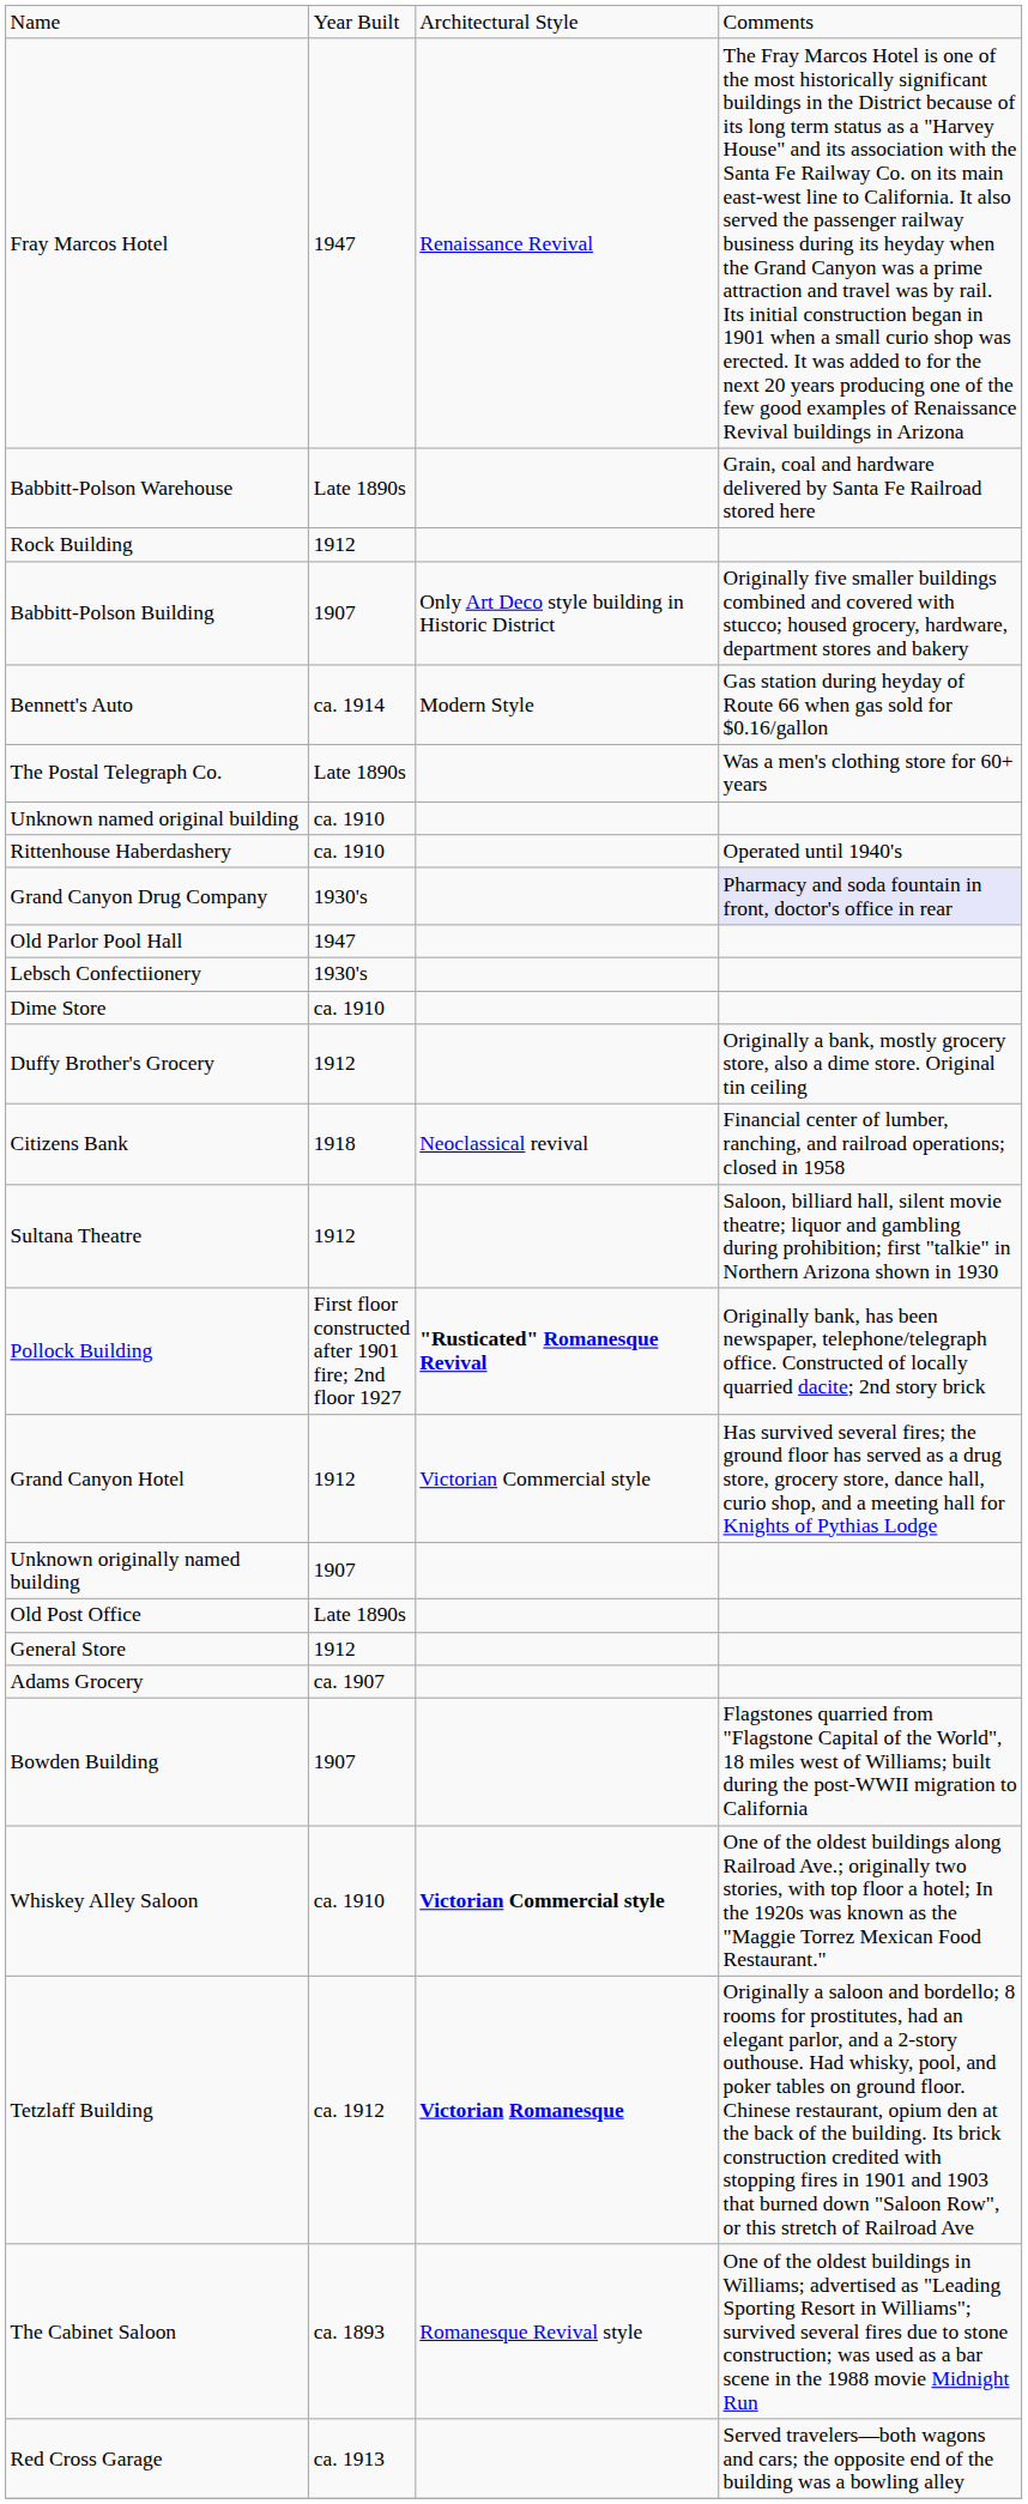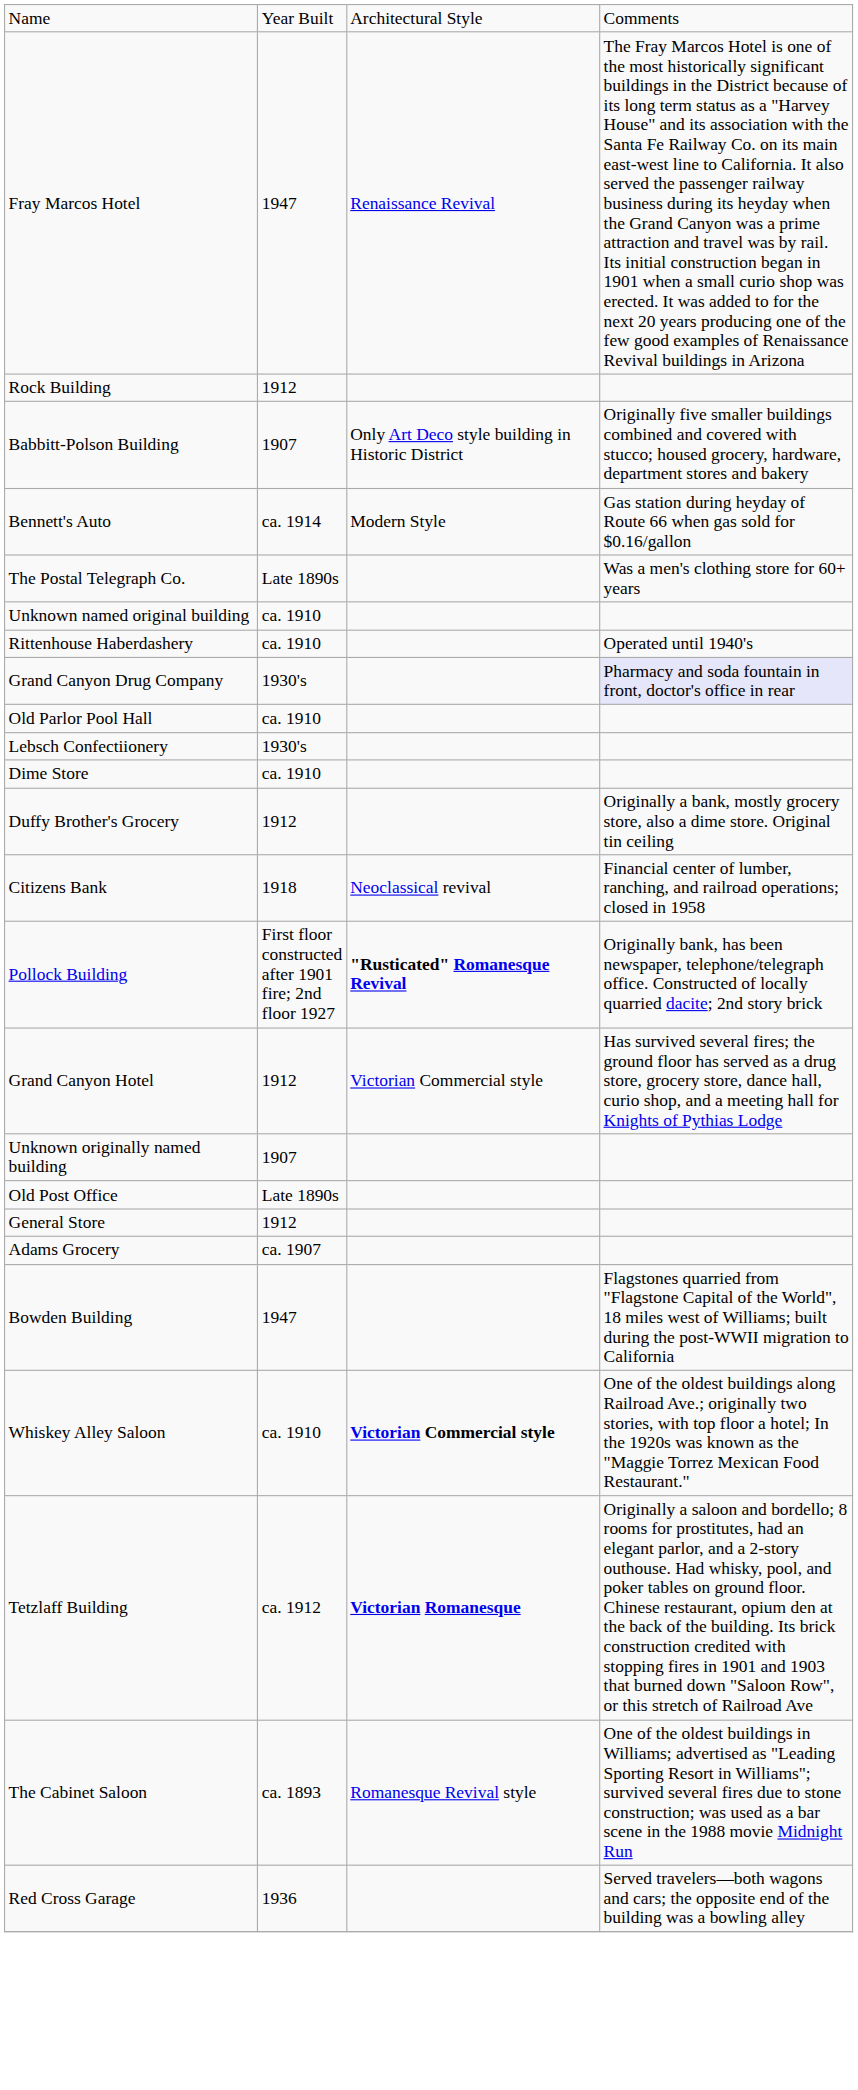 <table class="wikitable">
 <tr>
 <td width="225" Header1="col">Name</td>
 <td width="25" Header2="col">Year Built</td>
 <td width="225" Header3="col">Architectural Style</td>
 <td width="225" Header4="col">Comments</td>
 </tr>
 <tr>
 <td>Fray Marcos Hotel<br></td>
 <td>1947</td>
 <td><a href='#'>Renaissance Revival</a></td>
 <td>The Fray Marcos Hotel is one of the most historically significant<br>buildings in the District because of its long term status as a "Harvey House" and its association with the Santa Fe Railway Co. on its main east-west line to California. It also served the passenger railway business during its heyday when the Grand Canyon was a prime attraction and travel was by rail. Its initial construction began in 1901 when a small curio shop was erected. It was added to for the next 20 years producing one of the few good examples of Renaissance Revival buildings in Arizona</td>
-</tr>
-<tr>
-<td>Babbitt-Polson Warehouse<br></td>
-<td>Late 1890s</td>
-<td></td>
-<td>Grain, coal and hardware delivered by Santa Fe Railroad stored here</td>
 </tr>
 <tr>
 <td>Rock Building<br></td>
 <td>1912</td>
 <td></td>
 <td></td>
 </tr>
 <tr>
 <td>Babbitt-Polson Building<br></td>
 <td>1907</td>
 <td>Only <a href='#'>Art Deco</a> style building in Historic District</td>
 <td>Originally five smaller buildings combined and covered with stucco; housed grocery, hardware, department stores and bakery</td>
 </tr>
 <tr>
 <td>Bennett's Auto<br></td>
 <td>ca. 1914</td>
 <td>Modern Style</td>
 <td>Gas station during heyday of Route 66 when gas sold for $0.16/gallon</td>
 </tr>
 <tr>
 <td>The Postal Telegraph Co.<br></td>
 <td>Late 1890s</td>
 <td></td>
 <td>Was a men's clothing store for 60+ years</td>
 </tr>
 <tr>
 <td>Unknown named original building<br></td>
 <td>ca. 1910</td>
 <td></td>
 <td></td>
 </tr>
 <tr>
 <td>Rittenhouse Haberdashery<br></td>
 <td>ca. 1910</td>
 <td></td>
 <td>Operated until 1940's</td>
 </tr>
 <tr>
 <td>Grand Canyon Drug Company<br></td>
 <td>1930's</td>
 <td></td>
 <td style="background: lavender;">Pharmacy and soda fountain in front, doctor's office in rear</td>
 </tr>
 <tr>
 <td>Old Parlor Pool Hall<br></td>
-<td>1947</td>
+<td>ca. 1910</td>
 <td></td>
 <td></td>
 </tr>
 <tr>
 <td>Lebsch Confectiionery<br></td>
 <td>1930's</td>
 <td></td>
 <td></td>
 </tr>
 <tr>
 <td>Dime Store<br></td>
 <td>ca. 1910</td>
 <td></td>
 <td></td>
 </tr>
 <tr>
 <td>Duffy Brother's Grocery<br></td>
 <td>1912</td>
 <td></td>
 <td>Originally a bank, mostly grocery store, also a dime store. Original tin ceiling</td>
 </tr>
 <tr>
 <td>Citizens Bank<br></td>
 <td>1918</td>
 <td><a href='#'>Neoclassical</a> revival</td>
 <td>Financial center of lumber, ranching, and railroad operations; closed in 1958</td>
-</tr>
-<tr>
-<td>Sultana Theatre<br></td>
-<td>1912</td>
-<td></td>
-<td>Saloon, billiard hall, silent movie theatre; liquor and gambling during prohibition; first "talkie" in Northern Arizona shown in 1930</td>
 </tr>
 <tr>
 <td><a href='#'>Pollock Building</a><br></td>
 <td>First floor constructed after 1901 fire; 2nd floor 1927</td>
 <td><strong>"Rusticated" <a href='#'>Romanesque Revival</a></strong></td>
 <td>Originally bank, has been newspaper, telephone/telegraph office. Constructed of locally quarried <a href='#'>dacite</a>; 2nd story brick</td>
 </tr>
 <tr>
 <td>Grand Canyon Hotel<br></td>
 <td>1912</td>
 <td><a href='#'>Victorian</a> Commercial style</td>
 <td>Has survived several fires; the ground floor has served as a drug store, grocery store, dance hall, curio shop, and a meeting hall for <a href='#'>Knights of Pythias Lodge</a></td>
 </tr>
 <tr>
 <td>Unknown originally named building<br></td>
 <td>1907</td>
 <td></td>
 <td></td>
 </tr>
 <tr>
 <td>Old Post Office<br></td>
 <td>Late 1890s</td>
 <td></td>
 <td></td>
 </tr>
 <tr>
 <td>General Store<br></td>
 <td>1912</td>
 <td></td>
 <td></td>
 </tr>
 <tr>
 <td>Adams Grocery<br></td>
 <td>ca. 1907</td>
 <td></td>
 <td></td>
 </tr>
 <tr>
 <td>Bowden Building<br></td>
-<td>1907</td>
+<td>1947</td>
 <td></td>
 <td>Flagstones quarried from "Flagstone Capital of the World", 18 miles west of Williams; built during the post-WWII migration to California</td>
 </tr>
 <tr>
 <td>Whiskey Alley Saloon<br></td>
 <td>ca. 1910</td>
 <td><strong><a href='#'>Victorian</a> Commercial style</strong></td>
 <td>One of the oldest buildings along Railroad Ave.; originally two stories, with top floor a hotel; In the 1920s was known as the "Maggie Torrez Mexican Food Restaurant."</td>
 </tr>
 <tr>
 <td>Tetzlaff Building<br></td>
 <td>ca. 1912</td>
 <td><strong><a href='#'>Victorian</a> <a href='#'>Romanesque</a></strong></td>
 <td>Originally a saloon and bordello; 8 rooms for prostitutes, had an elegant parlor, and a 2-story outhouse.  Had whisky, pool, and poker tables on ground floor.  Chinese restaurant, opium den at the back of the building.  Its brick construction credited with stopping fires in 1901 and 1903 that burned down "Saloon Row", or this stretch of Railroad Ave</td>
 </tr>
 <tr>
 <td>The Cabinet Saloon<br></td>
 <td>ca. 1893</td>
 <td><a href='#'>Romanesque Revival</a> style</td>
 <td>One of the oldest buildings in Williams; advertised as "Leading Sporting Resort in Williams"; survived several fires due to stone construction; was used as a bar scene in the 1988 movie <a href='#'>Midnight Run</a></td>
 </tr>
 <tr>
 <td>Red Cross Garage<br></td>
-<td>ca. 1913</td>
+<td>1936</td>
 <td></td>
 <td>Served travelers—both wagons and cars; the opposite end of the building was a bowling alley</td>
 </tr>
 <tr>
 </tr>
 </table>
